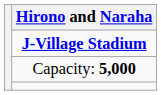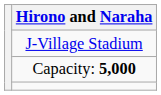 <table class="wikitable" style="text-align:center;">
 <tr>
 <th rowspan=4></th>
 <th><a href='#'>Hirono</a> and <a href='#'>Naraha</a></th>
 </tr>
 <tr>
-<td><strong><a href='#'>J-Village Stadium</a></strong></td>
+<td><a href='#'>J-Village Stadium</a></td>
 </tr>
 <tr>
 <td>Capacity: <strong>5,000</strong></td>
 </tr>
 <tr>
 <td></td>
 </tr>
 </table>
